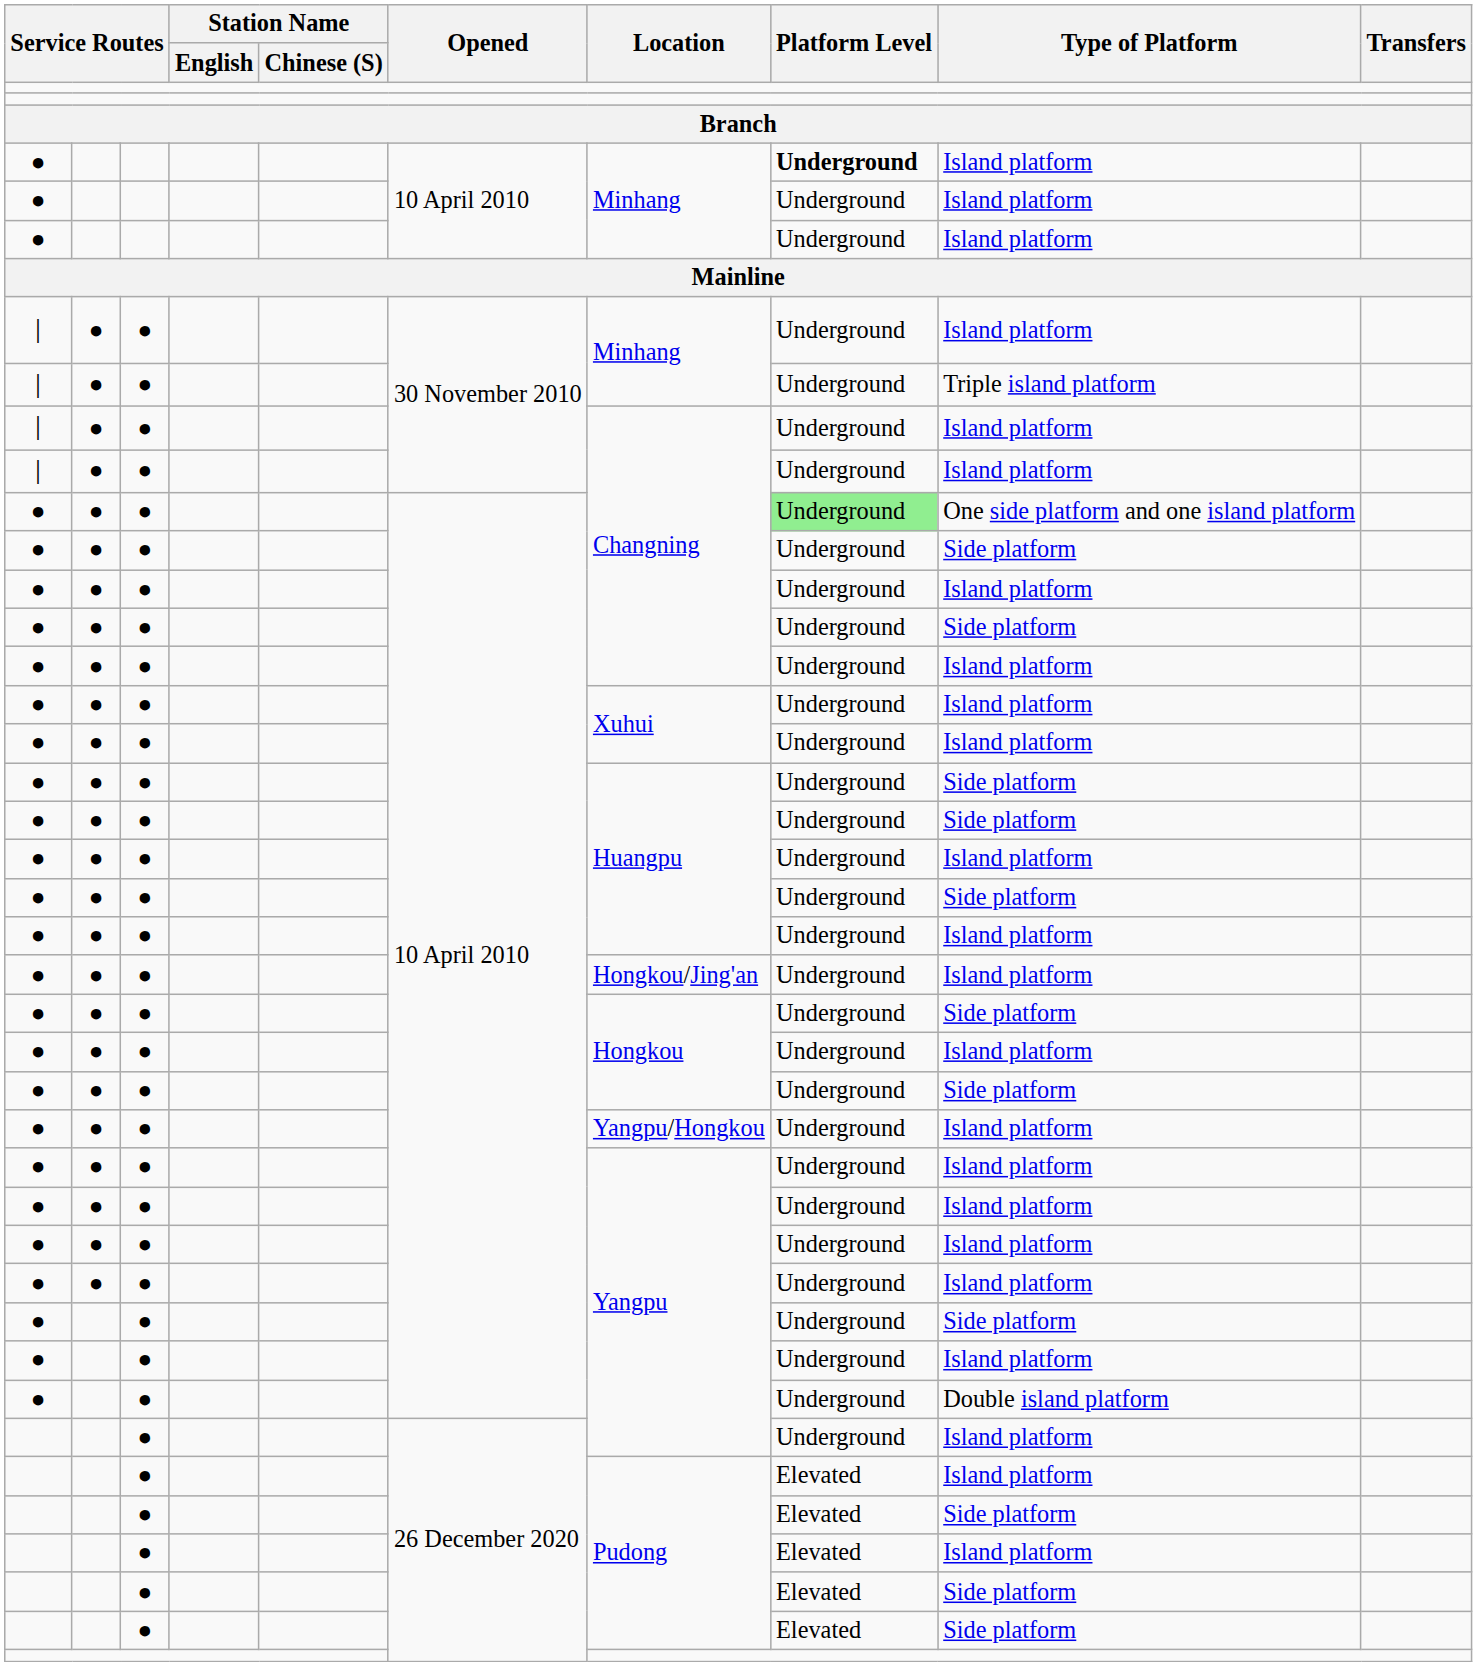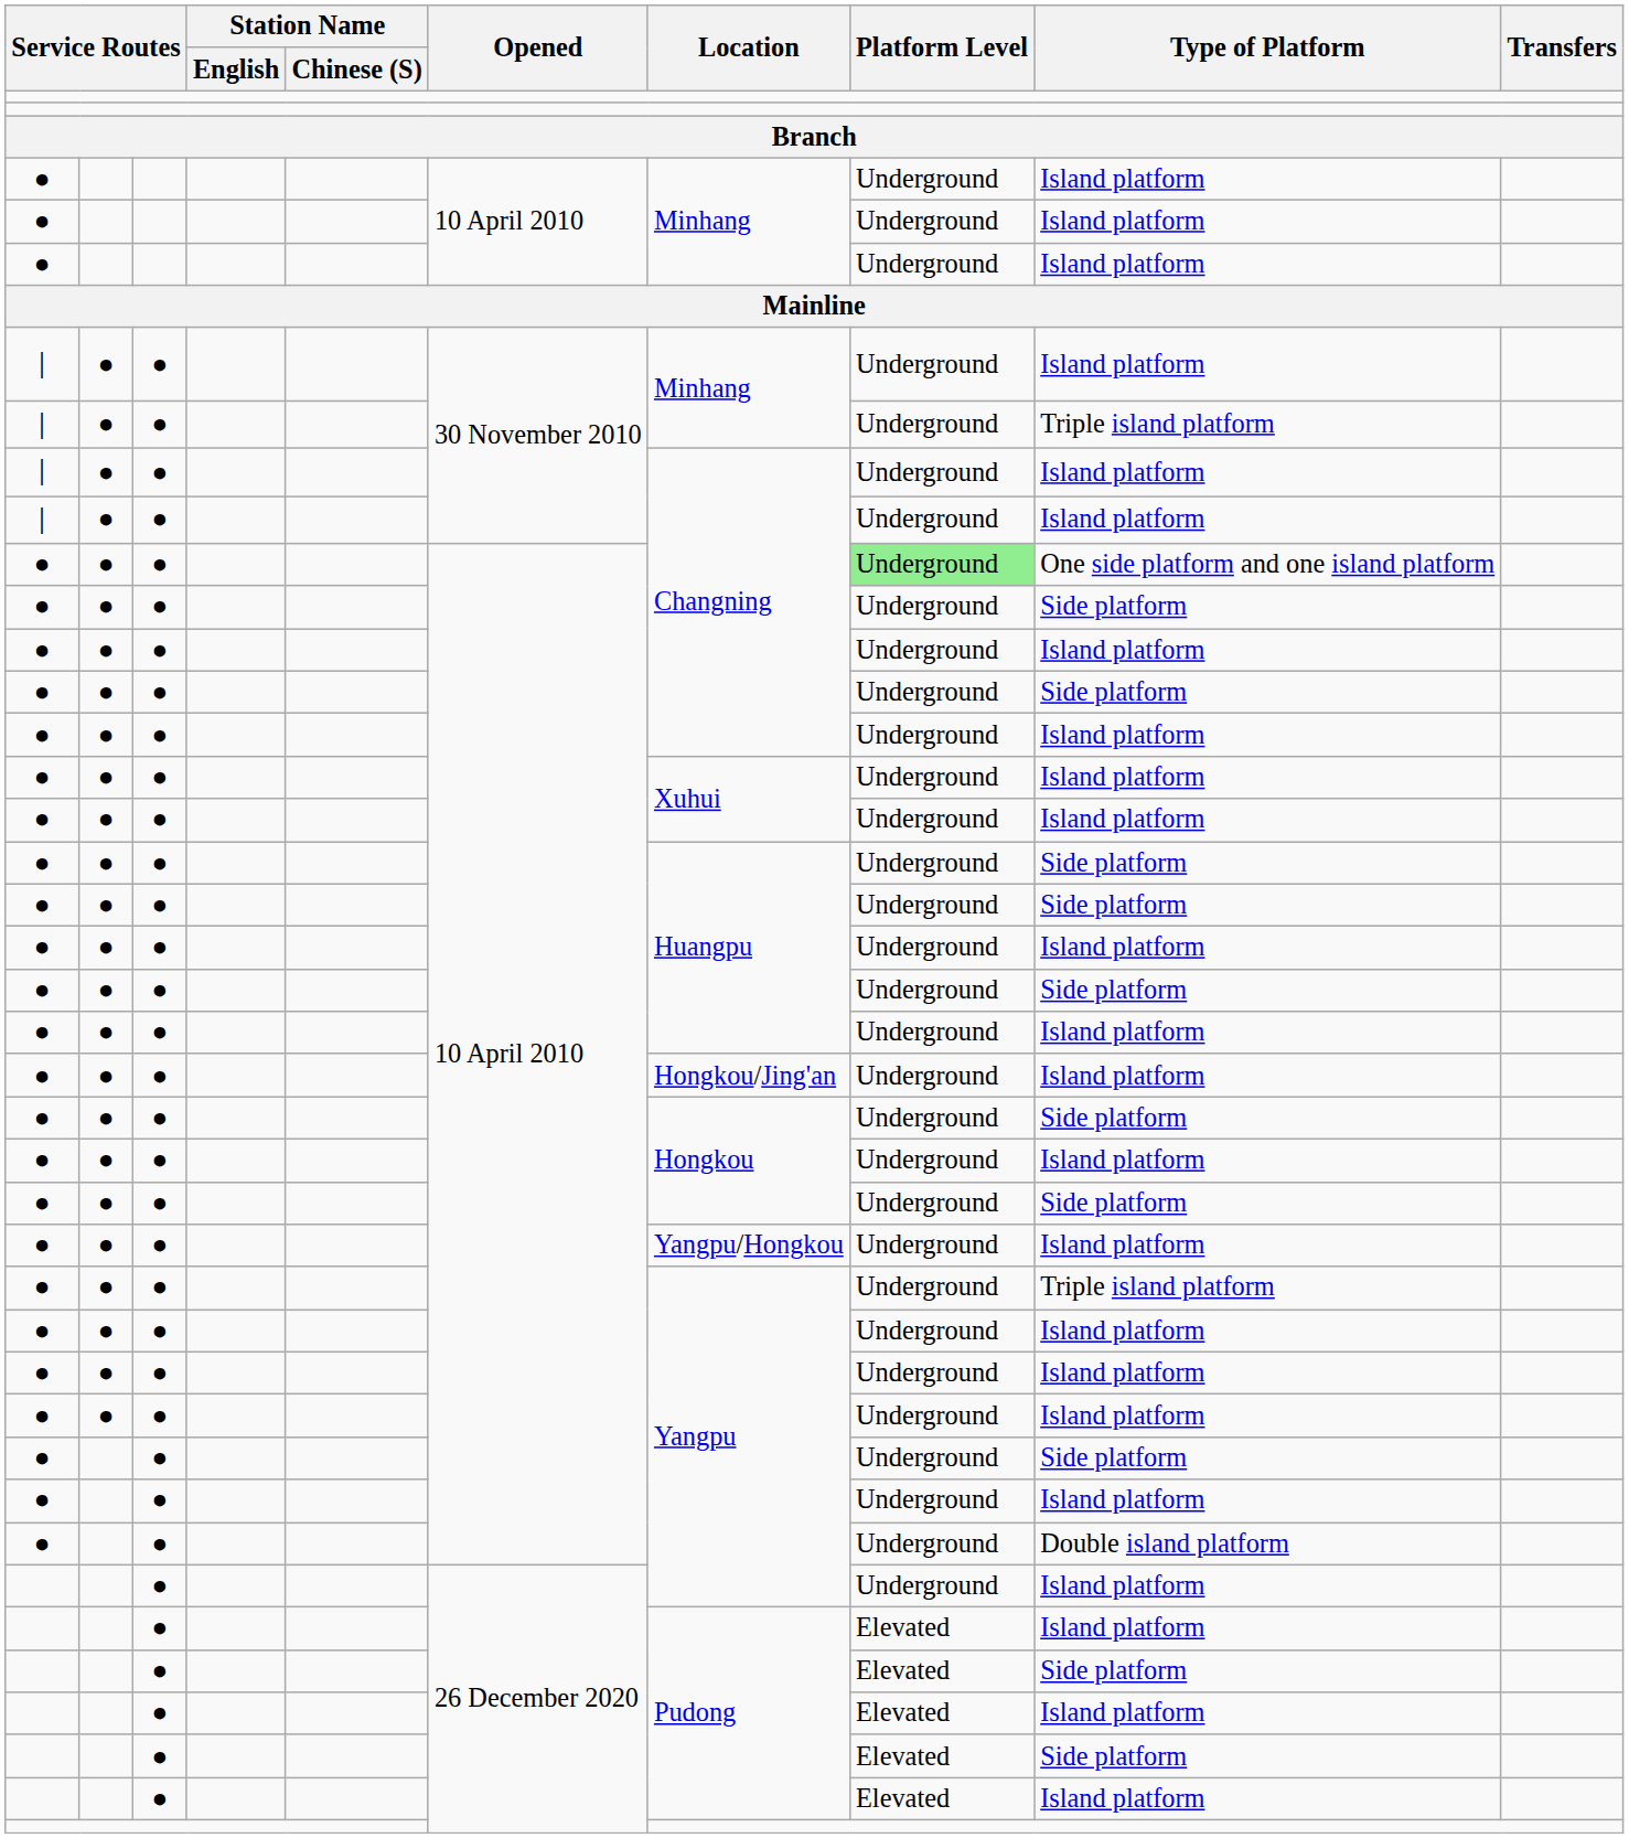 <table class=wikitable>
 <tr>
 <th colspan=3 rowspan=2 style="text-align:center;">Service Routes</th>
 <th colspan=2 style="text-align:center;">Station Name</th>
 <th rowspan=2>Opened</th>
 <th rowspan=2 style="text-align:center;">Location</th>
 <th rowspan=2>Platform Level</th>
 <th rowspan=2>Type of Platform</th>
 <th rowspan=2 style="text-align:center;">Transfers</th>
 </tr>
 <tr>
 <th>English</th>
 <th>Chinese (S)</th>
 </tr>
 <tr style=background:#>
 <td colspan=11></td>
 </tr>
 <tr style=height:.25pt>
 <td colspan=11></td>
 </tr>
 <tr style=background:#>
 <th colspan=11 style=background:#>Branch</th>
 </tr>
 <tr>
 <td align=center>●</td>
 <td align=center></td>
 <td align=center></td>
 <td></td>
 <td><span></span></td>
 <td rowspan=3>10 April 2010</td>
 <td rowspan=3><a href='#'>Minhang</a></td>
-<td><strong>Underground</strong></td>
+<td>Underground</td>
 <td><a href='#'>Island platform</a></td>
 <td></td>
 </tr>
 <tr>
 <td align=center>●</td>
 <td align=center></td>
 <td align=center></td>
 <td></td>
 <td><span></span></td>
 <td>Underground</td>
 <td><a href='#'>Island platform</a></td>
 <td></td>
 </tr>
 <tr>
 <td align=center>●</td>
 <td align=center></td>
 <td align=center></td>
 <td></td>
 <td><span></span></td>
 <td>Underground</td>
 <td><a href='#'>Island platform</a></td>
 <td></td>
 </tr>
 <tr style=background:#>
 <th colspan=11 style=background:#>Mainline</th>
 </tr>
 <tr>
 <td align=center>｜</td>
 <td align=center>●</td>
 <td align=center>●</td>
 <td></td>
 <td><span></span></td>
 <td rowspan=4>30 November 2010</td>
 <td rowspan=2><a href='#'>Minhang</a></td>
 <td>Underground</td>
 <td><a href='#'>Island platform</a></td>
 <td> <br><br></td>
 </tr>
 <tr>
 <td align=center>｜</td>
 <td align=center>●</td>
 <td align=center>●</td>
 <td></td>
 <td><span></span></td>
 <td>Underground</td>
 <td>Triple <a href='#'>island platform</a></td>
 <td><br></td>
 </tr>
 <tr>
 <td align=center>｜</td>
 <td align=center>●</td>
 <td align=center>●</td>
 <td></td>
 <td><span></span></td>
 <td rowspan=7><a href='#'>Changning</a></td>
 <td>Underground</td>
 <td><a href='#'>Island platform</a></td>
 <td></td>
 </tr>
 <tr>
 <td align=center>｜</td>
 <td align=center>●</td>
 <td align=center>●</td>
 <td></td>
 <td><span></span></td>
 <td>Underground</td>
 <td><a href='#'>Island platform</a></td>
 <td></td>
 </tr>
 <tr>
 <td align=center>●</td>
 <td align=center>●</td>
 <td align=center>●</td>
 <td></td>
 <td><span></span></td>
 <td rowspan=24>10 April 2010</td>
 <td style="background: lightgreen;">Underground</td>
 <td>One <a href='#'>side platform</a> and one <a href='#'>island platform</a></td>
 <td></td>
 </tr>
 <tr>
 <td align=center>●</td>
 <td align=center>●</td>
 <td align=center>●</td>
 <td></td>
 <td><span></span></td>
 <td>Underground</td>
 <td><a href='#'>Side platform</a></td>
 <td></td>
 </tr>
 <tr>
 <td align=center>●</td>
 <td align=center>●</td>
 <td align=center>●</td>
 <td></td>
 <td><span></span></td>
 <td>Underground</td>
 <td><a href='#'>Island platform</a></td>
 <td></td>
 </tr>
 <tr>
 <td align=center>●</td>
 <td align=center>●</td>
 <td align=center>●</td>
 <td></td>
 <td><span></span></td>
 <td>Underground</td>
 <td><a href='#'>Side platform</a></td>
 <td></td>
 </tr>
 <tr>
 <td align=center>●</td>
 <td align=center>●</td>
 <td align=center>●</td>
 <td></td>
 <td><span></span></td>
 <td>Underground</td>
 <td><a href='#'>Island platform</a></td>
 <td></td>
 </tr>
 <tr>
 <td align=center>●</td>
 <td align=center>●</td>
 <td align=center>●</td>
 <td></td>
 <td><span></span></td>
 <td rowspan=2><a href='#'>Xuhui</a></td>
 <td>Underground</td>
 <td><a href='#'>Island platform</a></td>
 <td></td>
 </tr>
 <tr>
 <td align=center>●</td>
 <td align=center>●</td>
 <td align=center>●</td>
 <td></td>
 <td><span></span></td>
 <td>Underground</td>
 <td><a href='#'>Island platform</a></td>
 <td></td>
 </tr>
 <tr>
 <td align=center>●</td>
 <td align=center>●</td>
 <td align=center>●</td>
 <td></td>
 <td><span></span></td>
 <td rowspan=5><a href='#'>Huangpu</a></td>
 <td>Underground</td>
 <td><a href='#'>Side platform</a></td>
 <td></td>
 </tr>
 <tr>
 <td align=center>●</td>
 <td align=center>●</td>
 <td align=center>●</td>
 <td></td>
 <td><span></span></td>
 <td>Underground</td>
 <td><a href='#'>Side platform</a></td>
 <td></td>
 </tr>
 <tr>
 <td align=center>●</td>
 <td align=center>●</td>
 <td align=center>●</td>
 <td></td>
 <td><span></span></td>
 <td>Underground</td>
 <td><a href='#'>Island platform</a></td>
 <td></td>
 </tr>
 <tr>
 <td align=center>●</td>
 <td align=center>●</td>
 <td align=center>●</td>
 <td></td>
 <td><span></span></td>
 <td>Underground</td>
 <td><a href='#'>Side platform</a></td>
 <td></td>
 </tr>
 <tr>
 <td align=center>●</td>
 <td align=center>●</td>
 <td align=center>●</td>
 <td></td>
 <td><span></span></td>
 <td>Underground</td>
 <td><a href='#'>Island platform</a></td>
 <td></td>
 </tr>
 <tr>
 <td align=center>●</td>
 <td align=center>●</td>
 <td align=center>●</td>
 <td></td>
 <td><span></span></td>
 <td><a href='#'>Hongkou</a>/<a href='#'>Jing'an</a></td>
 <td>Underground</td>
 <td><a href='#'>Island platform</a></td>
 <td></td>
 </tr>
 <tr>
 <td align=center>●</td>
 <td align=center>●</td>
 <td align=center>●</td>
 <td></td>
 <td><span></span></td>
 <td rowspan=3><a href='#'>Hongkou</a></td>
 <td>Underground</td>
 <td><a href='#'>Side platform</a></td>
 <td></td>
 </tr>
 <tr>
 <td align=center>●</td>
 <td align=center>●</td>
 <td align=center>●</td>
 <td></td>
 <td><span></span></td>
 <td>Underground</td>
 <td><a href='#'>Island platform</a></td>
 <td></td>
 </tr>
 <tr>
 <td align=center>●</td>
 <td align=center>●</td>
 <td align=center>●</td>
 <td></td>
 <td><span></span></td>
 <td>Underground</td>
 <td><a href='#'>Side platform</a></td>
 <td></td>
 </tr>
 <tr>
 <td align=center>●</td>
 <td align=center>●</td>
 <td align=center>●</td>
 <td></td>
 <td><span></span></td>
 <td><a href='#'>Yangpu</a>/<a href='#'>Hongkou</a></td>
 <td>Underground</td>
 <td><a href='#'>Island platform</a></td>
 <td></td>
 </tr>
 <tr>
 <td align=center>●</td>
 <td align=center>●</td>
 <td align=center>●</td>
 <td></td>
 <td><span></span></td>
 <td rowspan=8><a href='#'>Yangpu</a></td>
 <td>Underground</td>
-<td><a href='#'>Island platform</a></td>
+<td>Triple <a href='#'>island platform</a></td>
 <td></td>
 </tr>
 <tr>
 <td align=center>●</td>
 <td align=center>●</td>
 <td align=center>●</td>
 <td></td>
 <td><span></span></td>
 <td>Underground</td>
 <td><a href='#'>Island platform</a></td>
 <td></td>
 </tr>
 <tr>
 <td align=center>●</td>
 <td align=center>●</td>
 <td align=center>●</td>
 <td></td>
 <td><span></span></td>
 <td>Underground</td>
 <td><a href='#'>Island platform</a></td>
 <td></td>
 </tr>
 <tr>
 <td align=center>●</td>
 <td align=center>●</td>
 <td align=center>●</td>
 <td></td>
 <td><span></span></td>
 <td>Underground</td>
 <td><a href='#'>Island platform</a></td>
 <td></td>
 </tr>
 <tr>
 <td align=center>●</td>
 <td align=center></td>
 <td align=center>●</td>
 <td></td>
 <td><span></span></td>
 <td>Underground</td>
 <td><a href='#'>Side platform</a></td>
 <td></td>
 </tr>
 <tr>
 <td align=center>●</td>
 <td align=center></td>
 <td align=center>●</td>
 <td></td>
 <td><span></span></td>
 <td>Underground</td>
 <td><a href='#'>Island platform</a></td>
 <td></td>
 </tr>
 <tr>
 <td align=center>●</td>
 <td align=center></td>
 <td align=center>●</td>
 <td></td>
 <td><span></span></td>
 <td>Underground</td>
 <td>Double <a href='#'>island platform</a></td>
 <td></td>
 </tr>
 <tr>
 <td align=center></td>
 <td align=center></td>
 <td align=center>●</td>
 <td></td>
 <td><span></span></td>
 <td rowspan=7>26 December 2020</td>
 <td>Underground</td>
 <td><a href='#'>Island platform</a></td>
 <td></td>
 </tr>
 <tr>
 <td align=center></td>
 <td align=center></td>
 <td align=center>●</td>
 <td></td>
 <td><span></span></td>
 <td rowspan=5><a href='#'>Pudong</a></td>
 <td>Elevated</td>
 <td><a href='#'>Island platform</a></td>
 <td></td>
 </tr>
 <tr>
 <td align=center></td>
 <td align=center></td>
 <td align=center>●</td>
 <td></td>
 <td><span></span></td>
 <td>Elevated</td>
 <td><a href='#'>Side platform</a></td>
 <td></td>
 </tr>
 <tr>
 <td align=center></td>
 <td align=center></td>
 <td align=center>●</td>
 <td></td>
 <td><span></span></td>
 <td>Elevated</td>
 <td><a href='#'>Island platform</a></td>
 <td></td>
 </tr>
 <tr>
 <td align=center></td>
 <td align=center></td>
 <td align=center>●</td>
 <td></td>
 <td><span></span></td>
 <td>Elevated</td>
 <td><a href='#'>Side platform</a></td>
 <td></td>
 </tr>
 <tr>
 <td align=center></td>
 <td align=center></td>
 <td align=center>●</td>
 <td></td>
 <td><span></span></td>
 <td>Elevated</td>
-<td><a href='#'>Side platform</a></td>
+<td><a href='#'>Island platform</a></td>
 <td></td>
 </tr>
 <tr style=background:#>
 <td colspan="11"></td>
 </tr>
 </table>
